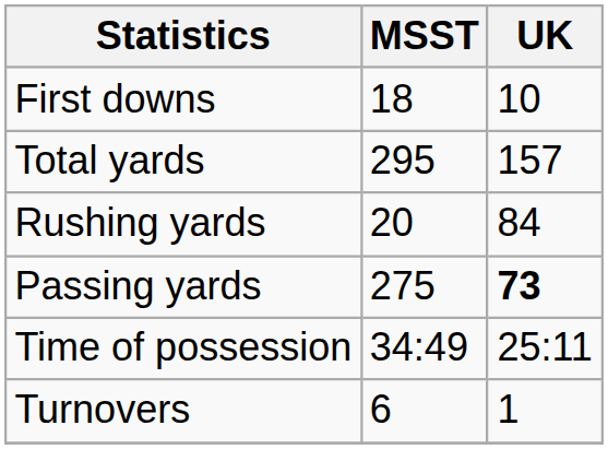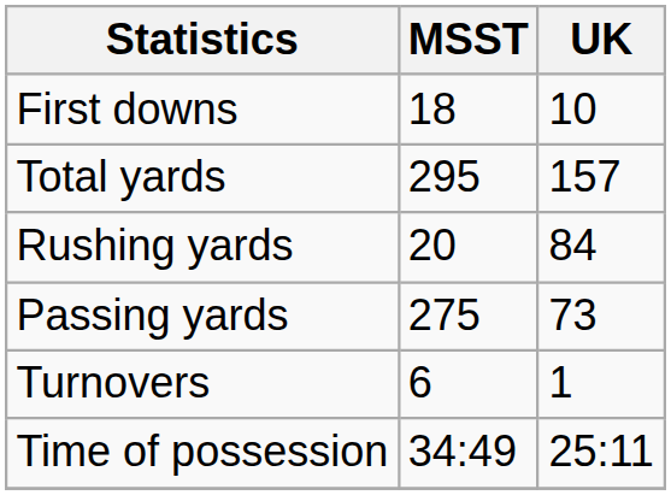 <table class="wikitable" style="float: left;">
 <tr>
 <th>Statistics</th>
 <th>MSST</th>
 <th>UK</th>
 </tr>
 <tr>
 <td>First downs</td>
 <td>18</td>
 <td>10</td>
 </tr>
 <tr>
 <td>Total yards</td>
 <td>295</td>
 <td>157</td>
 </tr>
 <tr>
 <td>Rushing yards</td>
 <td>20</td>
 <td>84</td>
 </tr>
 <tr>
 <td>Passing yards</td>
 <td>275</td>
-<td><strong>73</strong></td>
+<td>73</td>
+</tr>
+<tr>
+<td>Turnovers</td>
+<td>6</td>
+<td>1</td>
 </tr>
 <tr>
 <td>Time of possession</td>
 <td>34:49</td>
 <td>25:11</td>
 </tr>
 <tr>
-<td>Turnovers</td>
-<td>6</td>
-<td>1</td>
-</tr>
-<tr>
 </tr>
 </table>
